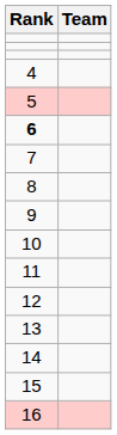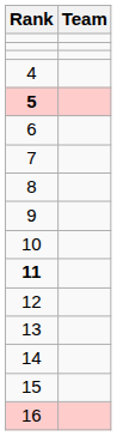 <table class="wikitable" style="text-align: center">
 <tr>
 <th>Rank</th>
 <th>Team</th>
 </tr>
 <tr>
 <td></td>
 <td align=left></td>
 </tr>
 <tr>
 <td></td>
 <td align=left></td>
 </tr>
 <tr>
 <td></td>
 <td align=left></td>
 </tr>
 <tr>
 <td>4</td>
 <td align=left></td>
 </tr>
 <tr bgcolor=#ffcccc>
-<td>5</td>
+<td><strong>5</strong></td>
 <td align=left></td>
 </tr>
 <tr>
-<td><strong>6</strong></td>
+<td>6</td>
 <td align=left></td>
 </tr>
 <tr>
 <td>7</td>
 <td align=left></td>
 </tr>
 <tr>
 <td>8</td>
 <td align=left></td>
 </tr>
 <tr>
 <td>9</td>
 <td align=left></td>
 </tr>
 <tr>
 <td>10</td>
 <td align=left></td>
 </tr>
 <tr>
-<td>11</td>
+<td><strong>11</strong></td>
 <td align=left></td>
 </tr>
 <tr>
 <td>12</td>
 <td align=left></td>
 </tr>
 <tr>
 <td>13</td>
 <td align=left></td>
 </tr>
 <tr>
 <td>14</td>
 <td align=left></td>
 </tr>
 <tr>
 <td>15</td>
 <td align=left></td>
 </tr>
 <tr bgcolor=#ffcccc>
 <td>16</td>
 <td align=left></td>
 </tr>
 </table>
